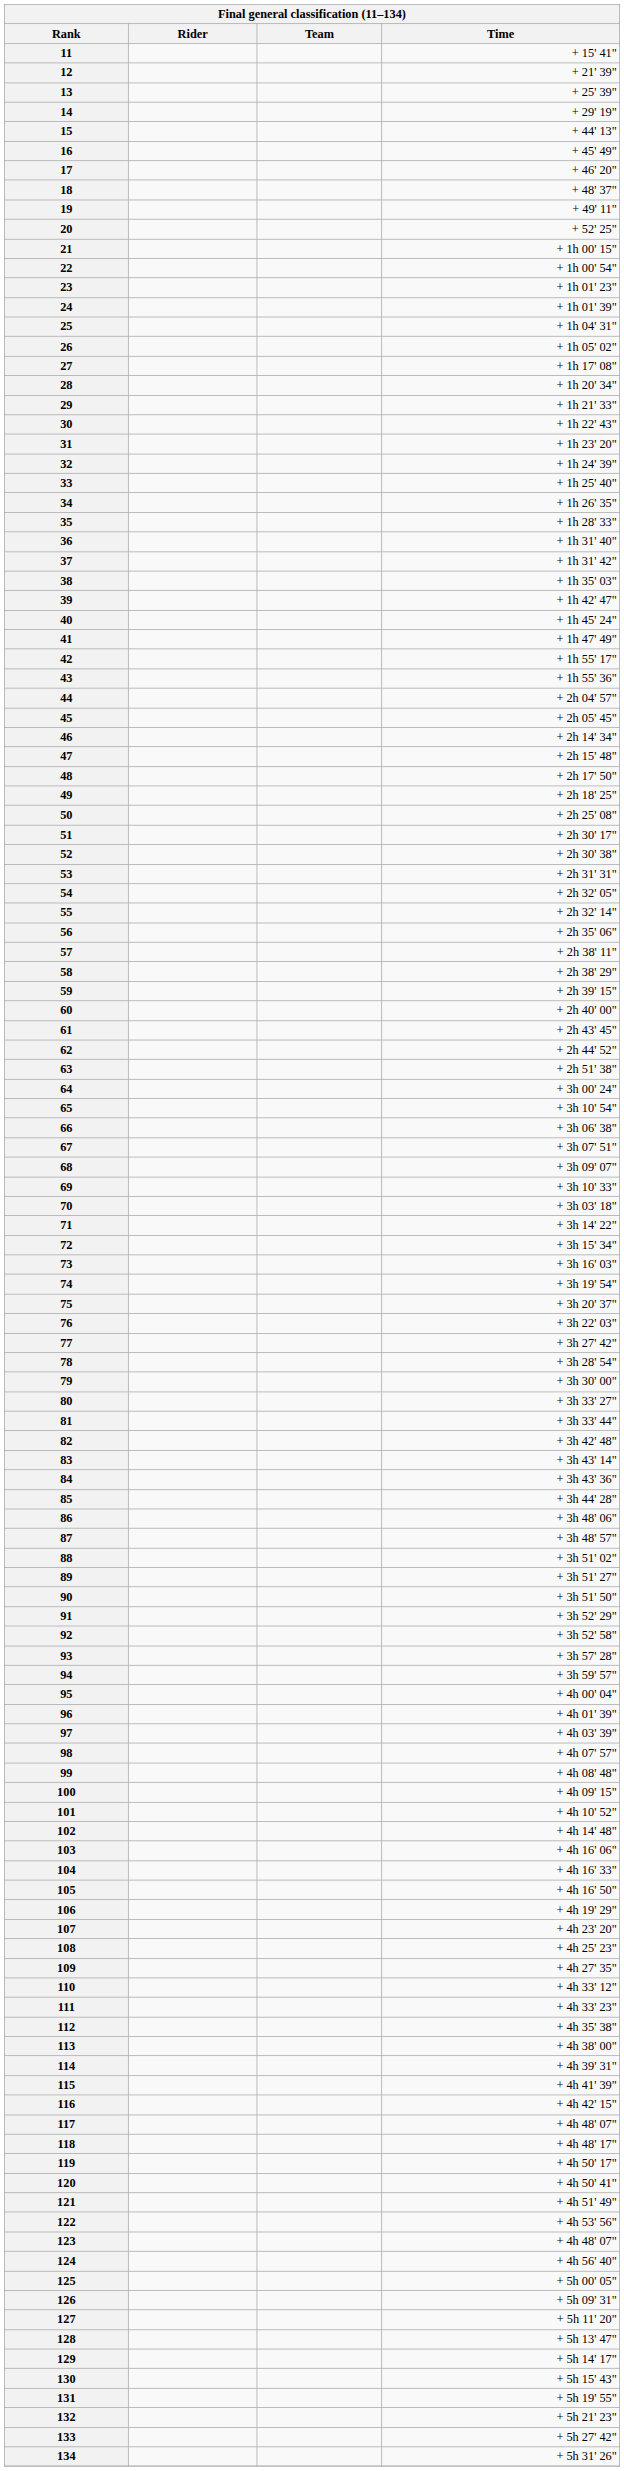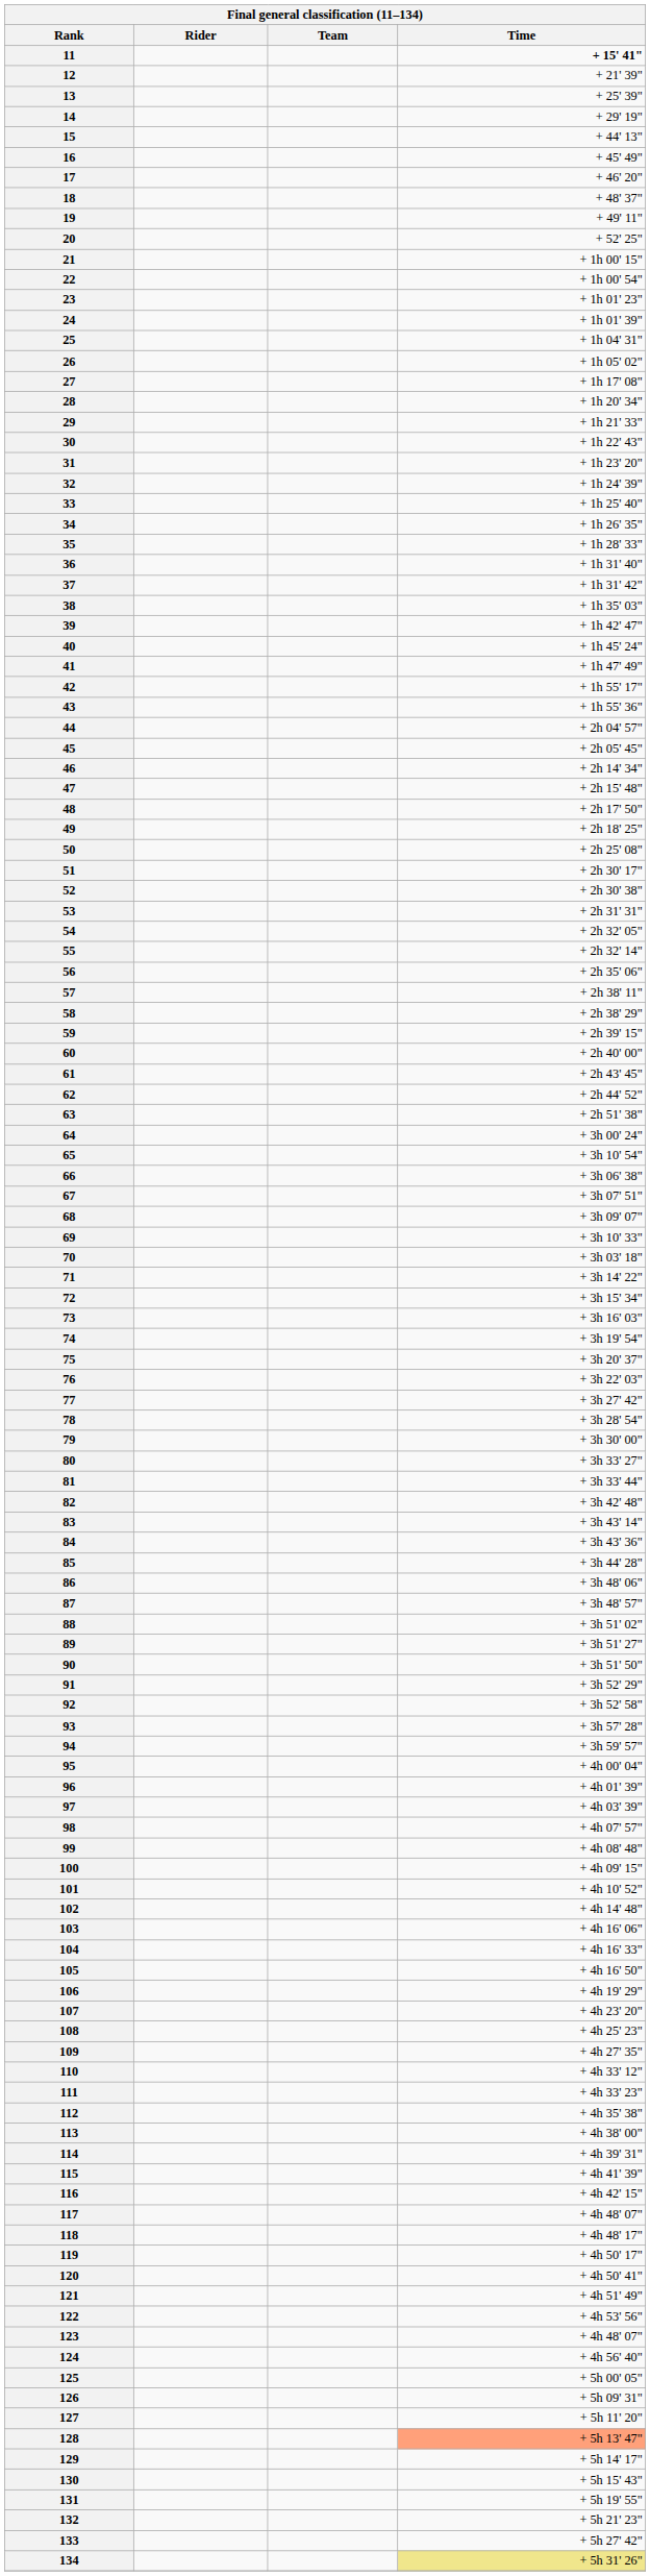 <table class="collapsible collapsed wikitable" style="width:50em;margin-top:-1px;">
 <tr>
 <th scope="col" colspan="4">Final general classification (11–134)</th>
 </tr>
 <tr>
 <th scope="col">Rank</th>
 <th scope="col">Rider</th>
 <th scope="col">Team</th>
 <th scope="col">Time</th>
 </tr>
 <tr>
 <th scope="row">11</th>
 <td></td>
 <td></td>
-<td style="text-align:right;">+ 15' 41"</td>
+<td style="text-align:right;"><strong>+ 15' 41"</strong></td>
 </tr>
 <tr>
 <th scope="row">12</th>
 <td> </td>
 <td></td>
 <td style="text-align:right;">+ 21' 39"</td>
 </tr>
 <tr>
 <th scope="row">13</th>
 <td></td>
 <td></td>
 <td style="text-align:right;">+ 25' 39"</td>
 </tr>
 <tr>
 <th scope="row">14</th>
 <td> </td>
 <td></td>
 <td style="text-align:right;">+ 29' 19"</td>
 </tr>
 <tr>
 <th scope="row">15</th>
 <td></td>
 <td></td>
 <td style="text-align:right;">+ 44' 13"</td>
 </tr>
 <tr>
 <th scope="row">16</th>
 <td></td>
 <td></td>
 <td style="text-align:right;">+ 45' 49"</td>
 </tr>
 <tr>
 <th scope="row">17</th>
 <td></td>
 <td></td>
 <td style="text-align:right;">+ 46' 20"</td>
 </tr>
 <tr>
 <th scope="row">18</th>
 <td></td>
 <td></td>
 <td style="text-align:right;">+ 48' 37"</td>
 </tr>
 <tr>
 <th scope="row">19</th>
 <td></td>
 <td></td>
 <td style="text-align:right;">+ 49' 11"</td>
 </tr>
 <tr>
 <th scope="row">20</th>
 <td></td>
 <td></td>
 <td style="text-align:right;">+ 52' 25"</td>
 </tr>
 <tr>
 <th scope="row">21</th>
 <td></td>
 <td></td>
 <td style="text-align:right;">+ 1h 00' 15"</td>
 </tr>
 <tr>
 <th scope="row">22</th>
 <td></td>
 <td></td>
 <td style="text-align:right;">+ 1h 00' 54"</td>
 </tr>
 <tr>
 <th scope="row">23</th>
 <td></td>
 <td></td>
 <td style="text-align:right;">+ 1h 01' 23"</td>
 </tr>
 <tr>
 <th scope="row">24</th>
 <td></td>
 <td></td>
 <td style="text-align:right;">+ 1h 01' 39"</td>
 </tr>
 <tr>
 <th scope="row">25</th>
 <td></td>
 <td></td>
 <td style="text-align:right;">+ 1h 04' 31"</td>
 </tr>
 <tr>
 <th scope="row">26</th>
 <td></td>
 <td></td>
 <td style="text-align:right;">+ 1h 05' 02"</td>
 </tr>
 <tr>
 <th scope="row">27</th>
 <td> </td>
 <td></td>
 <td style="text-align:right;">+ 1h 17' 08"</td>
 </tr>
 <tr>
 <th scope="row">28</th>
 <td></td>
 <td></td>
 <td style="text-align:right;">+ 1h 20' 34"</td>
 </tr>
 <tr>
 <th scope="row">29</th>
 <td></td>
 <td></td>
 <td style="text-align:right;">+ 1h 21' 33"</td>
 </tr>
 <tr>
 <th scope="row">30</th>
 <td></td>
 <td></td>
 <td style="text-align:right;">+ 1h 22' 43"</td>
 </tr>
 <tr>
 <th scope="row">31</th>
 <td></td>
 <td></td>
 <td style="text-align:right;">+ 1h 23' 20"</td>
 </tr>
 <tr>
 <th scope="row">32</th>
 <td></td>
 <td></td>
 <td style="text-align:right;">+ 1h 24' 39"</td>
 </tr>
 <tr>
 <th scope="row">33</th>
 <td></td>
 <td></td>
 <td style="text-align:right;">+ 1h 25' 40"</td>
 </tr>
 <tr>
 <th scope="row">34</th>
 <td></td>
 <td></td>
 <td style="text-align:right;">+ 1h 26' 35"</td>
 </tr>
 <tr>
 <th scope="row">35</th>
 <td></td>
 <td></td>
 <td style="text-align:right;">+ 1h 28' 33"</td>
 </tr>
 <tr>
 <th scope="row">36</th>
 <td></td>
 <td></td>
 <td style="text-align:right;">+ 1h 31' 40"</td>
 </tr>
 <tr>
 <th scope="row">37</th>
 <td></td>
 <td></td>
 <td style="text-align:right;">+ 1h 31' 42"</td>
 </tr>
 <tr>
 <th scope="row">38</th>
 <td></td>
 <td></td>
 <td style="text-align:right;">+ 1h 35' 03"</td>
 </tr>
 <tr>
 <th scope="row">39</th>
 <td></td>
 <td></td>
 <td style="text-align:right;">+ 1h 42' 47"</td>
 </tr>
 <tr>
 <th scope="row">40</th>
 <td></td>
 <td></td>
 <td style="text-align:right;">+ 1h 45' 24"</td>
 </tr>
 <tr>
 <th scope="row">41</th>
 <td></td>
 <td></td>
 <td style="text-align:right;">+ 1h 47' 49"</td>
 </tr>
 <tr>
 <th scope="row">42</th>
 <td></td>
 <td></td>
 <td style="text-align:right;">+ 1h 55' 17"</td>
 </tr>
 <tr>
 <th scope="row">43</th>
 <td></td>
 <td></td>
 <td style="text-align:right;">+ 1h 55' 36"</td>
 </tr>
 <tr>
 <th scope="row">44</th>
 <td></td>
 <td></td>
 <td style="text-align:right;">+ 2h 04' 57"</td>
 </tr>
 <tr>
 <th scope="row">45</th>
 <td></td>
 <td></td>
 <td style="text-align:right;">+ 2h 05' 45"</td>
 </tr>
 <tr>
 <th scope="row">46</th>
 <td></td>
 <td></td>
 <td style="text-align:right;">+ 2h 14' 34"</td>
 </tr>
 <tr>
 <th scope="row">47</th>
 <td></td>
 <td></td>
 <td style="text-align:right;">+ 2h 15' 48"</td>
 </tr>
 <tr>
 <th scope="row">48</th>
 <td></td>
 <td></td>
 <td style="text-align:right;">+ 2h 17' 50"</td>
 </tr>
 <tr>
 <th scope="row">49</th>
 <td></td>
 <td></td>
 <td style="text-align:right;">+ 2h 18' 25"</td>
 </tr>
 <tr>
 <th scope="row">50</th>
 <td></td>
 <td></td>
 <td style="text-align:right;">+ 2h 25' 08"</td>
 </tr>
 <tr>
 <th scope="row">51</th>
 <td></td>
 <td></td>
 <td style="text-align:right;">+ 2h 30' 17"</td>
 </tr>
 <tr>
 <th scope="row">52</th>
 <td></td>
 <td></td>
 <td style="text-align:right;">+ 2h 30' 38"</td>
 </tr>
 <tr>
 <th scope="row">53</th>
 <td></td>
 <td></td>
 <td style="text-align:right;">+ 2h 31' 31"</td>
 </tr>
 <tr>
 <th scope="row">54</th>
 <td></td>
 <td></td>
 <td style="text-align:right;">+ 2h 32' 05"</td>
 </tr>
 <tr>
 <th scope="row">55</th>
 <td></td>
 <td></td>
 <td style="text-align:right;">+ 2h 32' 14"</td>
 </tr>
 <tr>
 <th scope="row">56</th>
 <td></td>
 <td></td>
 <td style="text-align:right;">+ 2h 35' 06"</td>
 </tr>
 <tr>
 <th scope="row">57</th>
 <td></td>
 <td></td>
 <td style="text-align:right;">+ 2h 38' 11"</td>
 </tr>
 <tr>
 <th scope="row">58</th>
 <td></td>
 <td></td>
 <td style="text-align:right;">+ 2h 38' 29"</td>
 </tr>
 <tr>
 <th scope="row">59</th>
 <td></td>
 <td></td>
 <td style="text-align:right;">+ 2h 39' 15"</td>
 </tr>
 <tr>
 <th scope="row">60</th>
 <td></td>
 <td></td>
 <td style="text-align:right;">+ 2h 40' 00"</td>
 </tr>
 <tr>
 <th scope="row">61</th>
 <td></td>
 <td></td>
 <td style="text-align:right;">+ 2h 43' 45"</td>
 </tr>
 <tr>
 <th scope="row">62</th>
 <td></td>
 <td></td>
 <td style="text-align:right;">+ 2h 44' 52"</td>
 </tr>
 <tr>
 <th scope="row">63</th>
 <td></td>
 <td></td>
 <td style="text-align:right;">+ 2h 51' 38"</td>
 </tr>
 <tr>
 <th scope="row">64</th>
 <td></td>
 <td></td>
 <td style="text-align:right;">+ 3h 00' 24"</td>
 </tr>
 <tr>
 <th scope="row">65</th>
 <td></td>
 <td></td>
 <td style="text-align:right;">+ 3h 10' 54"</td>
 </tr>
 <tr>
 <th scope="row">66</th>
 <td></td>
 <td></td>
 <td style="text-align:right;">+ 3h 06' 38"</td>
 </tr>
 <tr>
 <th scope="row">67</th>
 <td></td>
 <td></td>
 <td style="text-align:right;">+ 3h 07' 51"</td>
 </tr>
 <tr>
 <th scope="row">68</th>
 <td></td>
 <td></td>
 <td style="text-align:right;">+ 3h 09' 07"</td>
 </tr>
 <tr>
 <th scope="row">69</th>
 <td></td>
 <td></td>
 <td style="text-align:right;">+ 3h 10' 33"</td>
 </tr>
 <tr>
 <th scope="row">70</th>
 <td> </td>
 <td></td>
 <td style="text-align:right;">+ 3h 03' 18"</td>
 </tr>
 <tr>
 <th scope="row">71</th>
 <td></td>
 <td></td>
 <td style="text-align:right;">+ 3h 14' 22"</td>
 </tr>
 <tr>
 <th scope="row">72</th>
 <td></td>
 <td></td>
 <td style="text-align:right;">+ 3h 15' 34"</td>
 </tr>
 <tr>
 <th scope="row">73</th>
 <td></td>
 <td></td>
 <td style="text-align:right;">+ 3h 16' 03"</td>
 </tr>
 <tr>
 <th scope="row">74</th>
 <td></td>
 <td></td>
 <td style="text-align:right;">+ 3h 19' 54"</td>
 </tr>
 <tr>
 <th scope="row">75</th>
 <td></td>
 <td></td>
 <td style="text-align:right;">+ 3h 20' 37"</td>
 </tr>
 <tr>
 <th scope="row">76</th>
 <td></td>
 <td></td>
 <td style="text-align:right;">+ 3h 22' 03"</td>
 </tr>
 <tr>
 <th scope="row">77</th>
 <td></td>
 <td></td>
 <td style="text-align:right;">+ 3h 27' 42"</td>
 </tr>
 <tr>
 <th scope="row">78</th>
 <td></td>
 <td></td>
 <td style="text-align:right;">+ 3h 28' 54"</td>
 </tr>
 <tr>
 <th scope="row">79</th>
 <td></td>
 <td></td>
 <td style="text-align:right;">+ 3h 30' 00"</td>
 </tr>
 <tr>
 <th scope="row">80</th>
 <td></td>
 <td></td>
 <td style="text-align:right;">+ 3h 33' 27"</td>
 </tr>
 <tr>
 <th scope="row">81</th>
 <td></td>
 <td></td>
 <td style="text-align:right;">+ 3h 33' 44"</td>
 </tr>
 <tr>
 <th scope="row">82</th>
 <td></td>
 <td></td>
 <td style="text-align:right;">+ 3h 42' 48"</td>
 </tr>
 <tr>
 <th scope="row">83</th>
 <td></td>
 <td></td>
 <td style="text-align:right;">+ 3h 43' 14"</td>
 </tr>
 <tr>
 <th scope="row">84</th>
 <td></td>
 <td></td>
 <td style="text-align:right;">+ 3h 43' 36"</td>
 </tr>
 <tr>
 <th scope="row">85</th>
 <td></td>
 <td></td>
 <td style="text-align:right;">+ 3h 44' 28"</td>
 </tr>
 <tr>
 <th scope="row">86</th>
 <td></td>
 <td></td>
 <td style="text-align:right;">+ 3h 48' 06"</td>
 </tr>
 <tr>
 <th scope="row">87</th>
 <td></td>
 <td></td>
 <td style="text-align:right;">+ 3h 48' 57"</td>
 </tr>
 <tr>
 <th scope="row">88</th>
 <td></td>
 <td></td>
 <td style="text-align:right;">+ 3h 51' 02"</td>
 </tr>
 <tr>
 <th scope="row">89</th>
 <td></td>
 <td></td>
 <td style="text-align:right;">+ 3h 51' 27"</td>
 </tr>
 <tr>
 <th scope="row">90</th>
 <td></td>
 <td></td>
 <td style="text-align:right;">+ 3h 51' 50"</td>
 </tr>
 <tr>
 <th scope="row">91</th>
 <td></td>
 <td></td>
 <td style="text-align:right;">+ 3h 52' 29"</td>
 </tr>
 <tr>
 <th scope="row">92</th>
 <td></td>
 <td></td>
 <td style="text-align:right;">+ 3h 52' 58"</td>
 </tr>
 <tr>
 <th scope="row">93</th>
 <td></td>
 <td></td>
 <td style="text-align:right;">+ 3h 57' 28"</td>
 </tr>
 <tr>
 <th scope="row">94</th>
 <td></td>
 <td></td>
 <td style="text-align:right;">+ 3h 59' 57"</td>
 </tr>
 <tr>
 <th scope="row">95</th>
 <td></td>
 <td></td>
 <td style="text-align:right;">+ 4h 00' 04"</td>
 </tr>
 <tr>
 <th scope="row">96</th>
 <td></td>
 <td></td>
 <td style="text-align:right;">+ 4h 01' 39"</td>
 </tr>
 <tr>
 <th scope="row">97</th>
 <td></td>
 <td></td>
 <td style="text-align:right;">+ 4h 03' 39"</td>
 </tr>
 <tr>
 <th scope="row">98</th>
 <td></td>
 <td></td>
 <td style="text-align:right;">+ 4h 07' 57"</td>
 </tr>
 <tr>
 <th scope="row">99</th>
 <td></td>
 <td></td>
 <td style="text-align:right;">+ 4h 08' 48"</td>
 </tr>
 <tr>
 <th scope="row">100</th>
 <td></td>
 <td></td>
 <td style="text-align:right;">+ 4h 09' 15"</td>
 </tr>
 <tr>
 <th scope="row">101</th>
 <td></td>
 <td></td>
 <td style="text-align:right;">+ 4h 10' 52"</td>
 </tr>
 <tr>
 <th scope="row">102</th>
 <td> </td>
 <td></td>
 <td style="text-align:right;">+ 4h 14' 48"</td>
 </tr>
 <tr>
 <th scope="row">103</th>
 <td></td>
 <td></td>
 <td style="text-align:right;">+ 4h 16' 06"</td>
 </tr>
 <tr>
 <th scope="row">104</th>
 <td></td>
 <td></td>
 <td style="text-align:right;">+ 4h 16' 33"</td>
 </tr>
 <tr>
 <th scope="row">105</th>
 <td></td>
 <td></td>
 <td style="text-align:right;">+ 4h 16' 50"</td>
 </tr>
 <tr>
 <th scope="row">106</th>
 <td></td>
 <td></td>
 <td style="text-align:right;">+ 4h 19' 29"</td>
 </tr>
 <tr>
 <th scope="row">107</th>
 <td></td>
 <td></td>
 <td style="text-align:right;">+ 4h 23' 20"</td>
 </tr>
 <tr>
 <th scope="row">108</th>
 <td></td>
 <td></td>
 <td style="text-align:right;">+ 4h 25' 23"</td>
 </tr>
 <tr>
 <th scope="row">109</th>
 <td></td>
 <td></td>
 <td style="text-align:right;">+ 4h 27' 35"</td>
 </tr>
 <tr>
 <th scope="row">110</th>
 <td></td>
 <td></td>
 <td style="text-align:right;">+ 4h 33' 12"</td>
 </tr>
 <tr>
 <th scope="row">111</th>
 <td> </td>
 <td></td>
 <td style="text-align:right;">+ 4h 33' 23"</td>
 </tr>
 <tr>
 <th scope="row">112</th>
 <td></td>
 <td></td>
 <td style="text-align:right;">+ 4h 35' 38"</td>
 </tr>
 <tr>
 <th scope="row">113</th>
 <td></td>
 <td></td>
 <td style="text-align:right;">+ 4h 38' 00"</td>
 </tr>
 <tr>
 <th scope="row">114</th>
 <td></td>
 <td></td>
 <td style="text-align:right;">+ 4h 39' 31"</td>
 </tr>
 <tr>
 <th scope="row">115</th>
 <td></td>
 <td></td>
 <td style="text-align:right;">+ 4h 41' 39"</td>
 </tr>
 <tr>
 <th scope="row">116</th>
 <td></td>
 <td></td>
 <td style="text-align:right;">+ 4h 42' 15"</td>
 </tr>
 <tr>
 <th scope="row">117</th>
 <td></td>
 <td></td>
 <td style="text-align:right;">+ 4h 48' 07"</td>
 </tr>
 <tr>
 <th scope="row">118</th>
 <td></td>
 <td></td>
 <td style="text-align:right;">+ 4h 48' 17"</td>
 </tr>
 <tr>
 <th scope="row">119</th>
 <td></td>
 <td></td>
 <td style="text-align:right;">+ 4h 50' 17"</td>
 </tr>
 <tr>
 <th scope="row">120</th>
 <td></td>
 <td></td>
 <td style="text-align:right;">+ 4h 50' 41"</td>
 </tr>
 <tr>
 <th scope="row">121</th>
 <td></td>
 <td></td>
 <td style="text-align:right;">+ 4h 51' 49"</td>
 </tr>
 <tr>
 <th scope="row">122</th>
 <td></td>
 <td></td>
 <td style="text-align:right;">+ 4h 53' 56"</td>
 </tr>
 <tr>
 <th scope="row">123</th>
 <td></td>
 <td></td>
 <td style="text-align:right;">+ 4h 48' 07"</td>
 </tr>
 <tr>
 <th scope="row">124</th>
 <td></td>
 <td></td>
 <td style="text-align:right;">+ 4h 56' 40"</td>
 </tr>
 <tr>
 <th scope="row">125</th>
 <td></td>
 <td></td>
 <td style="text-align:right;">+ 5h 00' 05"</td>
 </tr>
 <tr>
 <th scope="row">126</th>
 <td> </td>
 <td></td>
 <td style="text-align:right;">+ 5h 09' 31"</td>
 </tr>
 <tr>
 <th scope="row">127</th>
 <td></td>
 <td></td>
 <td style="text-align:right;">+ 5h 11' 20"</td>
 </tr>
 <tr>
 <th scope="row">128</th>
 <td></td>
 <td></td>
-<td style="text-align:right;">+ 5h 13' 47"</td>
+<td style="background: lightsalmon; text-align:right;">+ 5h 13' 47"</td>
 </tr>
 <tr>
 <th scope="row">129</th>
 <td></td>
 <td></td>
 <td style="text-align:right;">+ 5h 14' 17"</td>
 </tr>
 <tr>
 <th scope="row">130</th>
 <td></td>
 <td></td>
 <td style="text-align:right;">+ 5h 15' 43"</td>
 </tr>
 <tr>
 <th scope="row">131</th>
 <td> </td>
 <td></td>
 <td style="text-align:right;">+ 5h 19' 55"</td>
 </tr>
 <tr>
 <th scope="row">132</th>
 <td></td>
 <td></td>
 <td style="text-align:right;">+ 5h 21' 23"</td>
 </tr>
 <tr>
 <th scope="row">133</th>
 <td></td>
 <td></td>
 <td style="text-align:right;">+ 5h 27' 42"</td>
 </tr>
 <tr>
 <th scope="row">134</th>
 <td></td>
 <td></td>
-<td style="text-align:right;">+ 5h 31' 26"</td>
+<td style="background: khaki; text-align:right;">+ 5h 31' 26"</td>
 </tr>
 <tr>
 </tr>
 </table>
